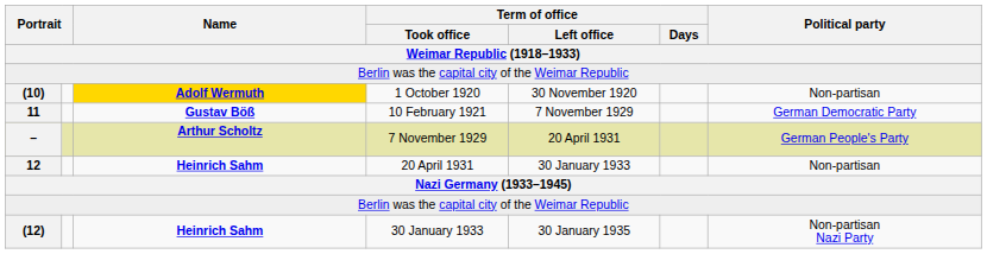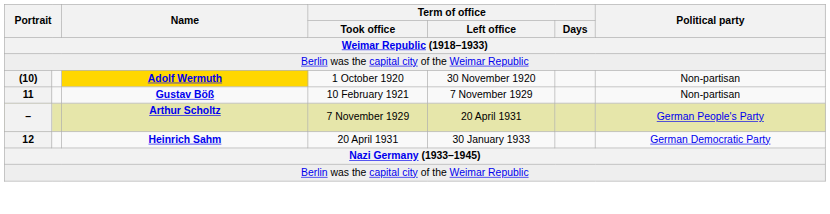 <table class="wikitable" style="text-align:center; width:100%; border:1px #AAAAFF solid">
 <tr>
 <th width=80px rowspan=2 colspan=2>Portrait</th>
 <th width=30% rowspan=2>Name<br></th>
 <th width=35% colspan=3>Term of office</th>
 <th width=28% rowspan=2>Political party</th>
 </tr>
 <tr>
 <th>Took office</th>
 <th>Left office</th>
 <th>Days</th>
 </tr>
 <tr>
 <th colspan="7"><a href='#'>Weimar Republic</a> (1918–1933)</th>
 </tr>
 <tr>
 <td bgcolor=#EEEEEE colspan=7><a href='#'>Berlin</a> was the <a href='#'>capital city</a>  of the <a href='#'>Weimar Republic</a></td>
 </tr>
 <tr>
 <th style="background:">(10)</th>
 <td></td>
 <td style="background: gold;"><strong><a href='#'>Adolf Wermuth</a></strong><br></td>
 <td>1 October 1920</td>
 <td>30 November 1920</td>
 <td></td>
 <td>Non-partisan</td>
 </tr>
 <tr>
 <th style="background:">11</th>
 <td></td>
 <td><strong><a href='#'>Gustav Böß</a></strong><br></td>
 <td>10 February 1921</td>
 <td>7 November 1929</td>
 <td></td>
-<td><a href='#'>German Democratic Party</a></td>
+<td>Non-partisan</td>
 </tr>
 <tr style="background-color: #E6E6AA" |>
 <th style="background:">–</th>
 <td></td>
 <td><strong><a href='#'>Arthur Scholtz</a></strong><br><br></td>
 <td>7 November 1929</td>
 <td>20 April 1931</td>
 <td></td>
 <td><a href='#'>German People's Party</a></td>
 </tr>
 <tr>
 <th style="background:">12</th>
 <td></td>
 <td><strong><a href='#'>Heinrich Sahm</a></strong><br></td>
 <td>20 April 1931</td>
 <td>30 January 1933</td>
 <td></td>
-<td>Non-partisan</td>
+<td><a href='#'>German Democratic Party</a></td>
 </tr>
 <tr>
 <th colspan="7"><a href='#'>Nazi Germany</a> (1933–1945)</th>
 </tr>
 <tr>
 <td bgcolor=#EEEEEE colspan=7><a href='#'>Berlin</a> was the <a href='#'>capital city</a>  of the <a href='#'>Weimar Republic</a></td>
 </tr>
-<tr>
-<th style="background:">(12)</th>
-<td></td>
-<td><strong><a href='#'>Heinrich Sahm</a></strong><br></td>
-<td>30 January 1933</td>
-<td>30 January 1935</td>
-<td></td>
-<td>Non-partisan <br><a href='#'>Nazi Party</a> </td>
-</tr>
 </table>
